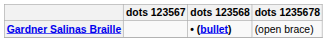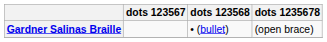 <table class="wikitable">
 <tr>
 <th></th>
 <th>dots 123567</th>
 <th>dots 123568</th>
 <th>dots 1235678</th>
 </tr>
 <tr>
 <th align=left><a href='#'>Gardner Salinas Braille</a></th>
 <td></td>
-<td><strong>• (<a href='#'>bullet</a>)</strong></td>
+<td>• (<a href='#'>bullet</a>)</td>
 <td> (open brace)</td>
 </tr>
 <tr>
 </tr>
 <tr>
 </tr>
 </table>
